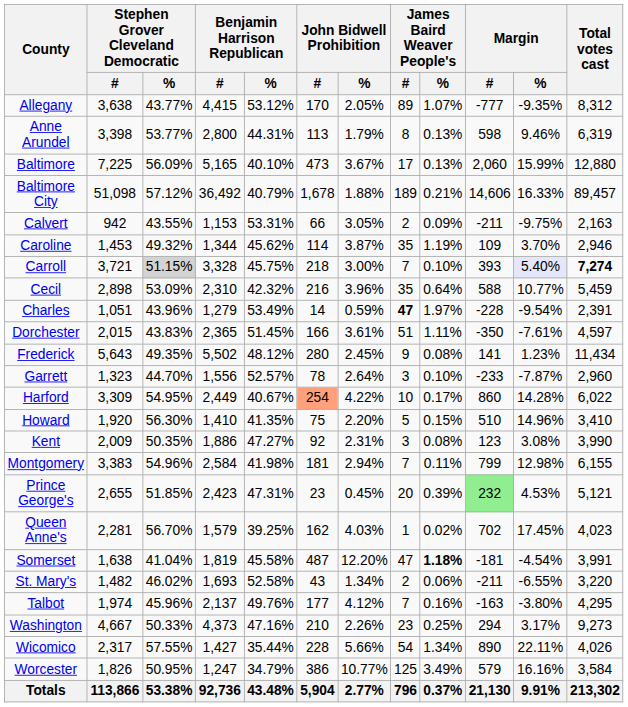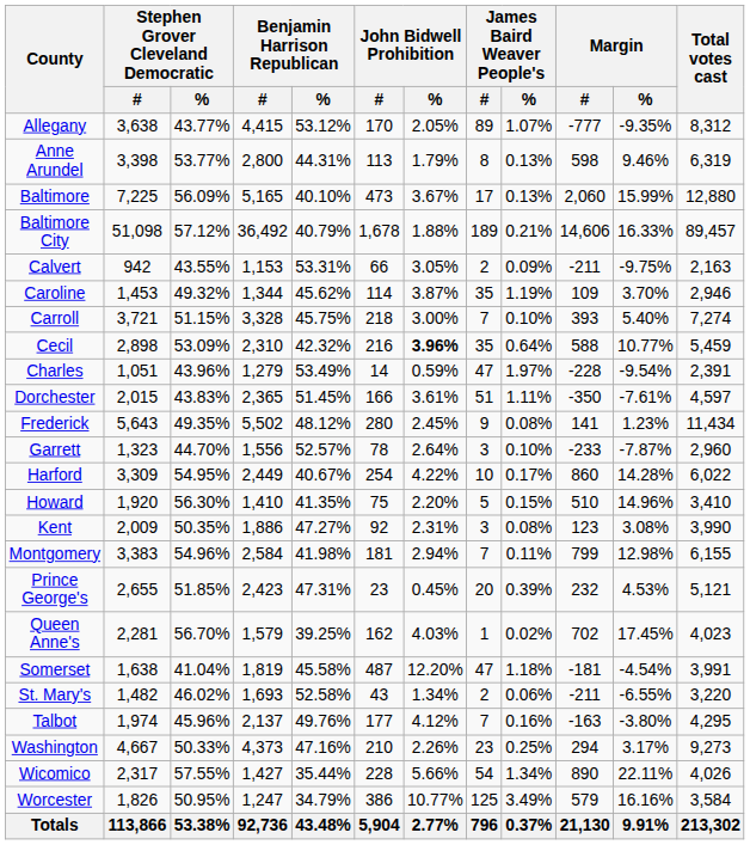 <table width="65%" class="wikitable sortable" style="text-align:center">
 <tr>
 <th style="text-align:center;" rowspan="2">County</th>
 <th colspan="2">Stephen Grover Cleveland<br>Democratic</th>
 <th colspan="2">Benjamin Harrison<br>Republican</th>
 <th style="text-align:center;" colspan="2">John Bidwell<br>Prohibition</th>
 <th style="text-align:center;" colspan="2">James Baird Weaver<br>People's</th>
 <th style="text-align:center;" colspan="2">Margin</th>
 <th style="text-align:center;" rowspan="2">Total votes cast</th>
 </tr>
 <tr>
 <th style="text-align:center;" data-sort-type="number">#</th>
 <th style="text-align:center;" data-sort-type="number">%</th>
 <th style="text-align:center;" data-sort-type="number">#</th>
 <th style="text-align:center;" data-sort-type="number">%</th>
 <th style="text-align:center;" data-sort-type="number">#</th>
 <th style="text-align:center;" data-sort-type="number">%</th>
 <th style="text-align:center;" data-sort-type="number">#</th>
 <th style="text-align:center;" data-sort-type="number">%</th>
 <th style="text-align:center;" data-sort-type="number">#</th>
 <th style="text-align:center;" data-sort-type="number">%</th>
 </tr>
 <tr style="text-align:center;">
 <td><a href='#'>Allegany</a></td>
 <td>3,638</td>
 <td>43.77%</td>
 <td>4,415</td>
 <td>53.12%</td>
 <td>170</td>
 <td>2.05%</td>
 <td>89</td>
 <td>1.07%</td>
 <td>-777</td>
 <td>-9.35%</td>
 <td>8,312</td>
 </tr>
 <tr style="text-align:center;">
 <td><a href='#'>Anne Arundel</a></td>
 <td>3,398</td>
 <td>53.77%</td>
 <td>2,800</td>
 <td>44.31%</td>
 <td>113</td>
 <td>1.79%</td>
 <td>8</td>
 <td>0.13%</td>
 <td>598</td>
 <td>9.46%</td>
 <td>6,319</td>
 </tr>
 <tr style="text-align:center;">
 <td><a href='#'>Baltimore</a></td>
 <td>7,225</td>
 <td>56.09%</td>
 <td>5,165</td>
 <td>40.10%</td>
 <td>473</td>
 <td>3.67%</td>
 <td>17</td>
 <td>0.13%</td>
 <td>2,060</td>
 <td>15.99%</td>
 <td>12,880</td>
 </tr>
 <tr style="text-align:center;">
 <td><a href='#'>Baltimore City</a></td>
 <td>51,098</td>
 <td>57.12%</td>
 <td>36,492</td>
 <td>40.79%</td>
 <td>1,678</td>
 <td>1.88%</td>
 <td>189</td>
 <td>0.21%</td>
 <td>14,606</td>
 <td>16.33%</td>
 <td>89,457</td>
 </tr>
 <tr style="text-align:center;">
 <td><a href='#'>Calvert</a></td>
 <td>942</td>
 <td>43.55%</td>
 <td>1,153</td>
 <td>53.31%</td>
 <td>66</td>
 <td>3.05%</td>
 <td>2</td>
 <td>0.09%</td>
 <td>-211</td>
 <td>-9.75%</td>
 <td>2,163</td>
 </tr>
 <tr style="text-align:center;">
 <td><a href='#'>Caroline</a></td>
 <td>1,453</td>
 <td>49.32%</td>
 <td>1,344</td>
 <td>45.62%</td>
 <td>114</td>
 <td>3.87%</td>
 <td>35</td>
 <td>1.19%</td>
 <td>109</td>
 <td>3.70%</td>
 <td>2,946</td>
 </tr>
 <tr style="text-align:center;">
 <td><a href='#'>Carroll</a></td>
 <td>3,721</td>
-<td style="background: lightgrey;">51.15%</td>
+<td>51.15%</td>
 <td>3,328</td>
 <td>45.75%</td>
 <td>218</td>
 <td>3.00%</td>
 <td>7</td>
 <td>0.10%</td>
 <td>393</td>
-<td style="background: lavender;">5.40%</td>
-<td><strong>7,274</strong></td>
+<td>5.40%</td>
+<td>7,274</td>
 </tr>
 <tr style="text-align:center;">
 <td><a href='#'>Cecil</a></td>
 <td>2,898</td>
 <td>53.09%</td>
 <td>2,310</td>
 <td>42.32%</td>
 <td>216</td>
-<td>3.96%</td>
+<td><strong>3.96%</strong></td>
 <td>35</td>
 <td>0.64%</td>
 <td>588</td>
 <td>10.77%</td>
 <td>5,459</td>
 </tr>
 <tr style="text-align:center;">
 <td><a href='#'>Charles</a></td>
 <td>1,051</td>
 <td>43.96%</td>
 <td>1,279</td>
 <td>53.49%</td>
 <td>14</td>
 <td>0.59%</td>
-<td><strong>47</strong></td>
+<td>47</td>
 <td>1.97%</td>
 <td>-228</td>
 <td>-9.54%</td>
 <td>2,391</td>
 </tr>
 <tr style="text-align:center;">
 <td><a href='#'>Dorchester</a></td>
 <td>2,015</td>
 <td>43.83%</td>
 <td>2,365</td>
 <td>51.45%</td>
 <td>166</td>
 <td>3.61%</td>
 <td>51</td>
 <td>1.11%</td>
 <td>-350</td>
 <td>-7.61%</td>
 <td>4,597</td>
 </tr>
 <tr style="text-align:center;">
 <td><a href='#'>Frederick</a></td>
 <td>5,643</td>
 <td>49.35%</td>
 <td>5,502</td>
 <td>48.12%</td>
 <td>280</td>
 <td>2.45%</td>
 <td>9</td>
 <td>0.08%</td>
 <td>141</td>
 <td>1.23%</td>
 <td>11,434</td>
 </tr>
 <tr style="text-align:center;">
 <td><a href='#'>Garrett</a></td>
 <td>1,323</td>
 <td>44.70%</td>
 <td>1,556</td>
 <td>52.57%</td>
 <td>78</td>
 <td>2.64%</td>
 <td>3</td>
 <td>0.10%</td>
 <td>-233</td>
 <td>-7.87%</td>
 <td>2,960</td>
 </tr>
 <tr style="text-align:center;">
 <td><a href='#'>Harford</a></td>
 <td>3,309</td>
 <td>54.95%</td>
 <td>2,449</td>
 <td>40.67%</td>
-<td style="background: lightsalmon;">254</td>
+<td>254</td>
 <td>4.22%</td>
 <td>10</td>
 <td>0.17%</td>
 <td>860</td>
 <td>14.28%</td>
 <td>6,022</td>
 </tr>
 <tr style="text-align:center;">
 <td><a href='#'>Howard</a></td>
 <td>1,920</td>
 <td>56.30%</td>
 <td>1,410</td>
 <td>41.35%</td>
 <td>75</td>
 <td>2.20%</td>
 <td>5</td>
 <td>0.15%</td>
 <td>510</td>
 <td>14.96%</td>
 <td>3,410</td>
 </tr>
 <tr style="text-align:center;">
 <td><a href='#'>Kent</a></td>
 <td>2,009</td>
 <td>50.35%</td>
 <td>1,886</td>
 <td>47.27%</td>
 <td>92</td>
 <td>2.31%</td>
 <td>3</td>
 <td>0.08%</td>
 <td>123</td>
 <td>3.08%</td>
 <td>3,990</td>
 </tr>
 <tr style="text-align:center;">
 <td><a href='#'>Montgomery</a></td>
 <td>3,383</td>
 <td>54.96%</td>
 <td>2,584</td>
 <td>41.98%</td>
 <td>181</td>
 <td>2.94%</td>
 <td>7</td>
 <td>0.11%</td>
 <td>799</td>
 <td>12.98%</td>
 <td>6,155</td>
 </tr>
 <tr style="text-align:center;">
 <td><a href='#'>Prince George's</a></td>
 <td>2,655</td>
 <td>51.85%</td>
 <td>2,423</td>
 <td>47.31%</td>
 <td>23</td>
 <td>0.45%</td>
 <td>20</td>
 <td>0.39%</td>
-<td style="background: lightgreen;">232</td>
+<td>232</td>
 <td>4.53%</td>
 <td>5,121</td>
 </tr>
 <tr style="text-align:center;">
 <td><a href='#'>Queen Anne's</a></td>
 <td>2,281</td>
 <td>56.70%</td>
 <td>1,579</td>
 <td>39.25%</td>
 <td>162</td>
 <td>4.03%</td>
 <td>1</td>
 <td>0.02%</td>
 <td>702</td>
 <td>17.45%</td>
 <td>4,023</td>
 </tr>
 <tr style="text-align:center;">
 <td><a href='#'>Somerset</a></td>
 <td>1,638</td>
 <td>41.04%</td>
 <td>1,819</td>
 <td>45.58%</td>
 <td>487</td>
 <td>12.20%</td>
 <td>47</td>
-<td><strong>1.18%</strong></td>
+<td>1.18%</td>
 <td>-181</td>
 <td>-4.54%</td>
 <td>3,991</td>
 </tr>
 <tr style="text-align:center;">
 <td><a href='#'>St. Mary's</a></td>
 <td>1,482</td>
 <td>46.02%</td>
 <td>1,693</td>
 <td>52.58%</td>
 <td>43</td>
 <td>1.34%</td>
 <td>2</td>
 <td>0.06%</td>
 <td>-211</td>
 <td>-6.55%</td>
 <td>3,220</td>
 </tr>
 <tr style="text-align:center;">
 <td><a href='#'>Talbot</a></td>
 <td>1,974</td>
 <td>45.96%</td>
 <td>2,137</td>
 <td>49.76%</td>
 <td>177</td>
 <td>4.12%</td>
 <td>7</td>
 <td>0.16%</td>
 <td>-163</td>
 <td>-3.80%</td>
 <td>4,295</td>
 </tr>
 <tr style="text-align:center;">
 <td><a href='#'>Washington</a></td>
 <td>4,667</td>
 <td>50.33%</td>
 <td>4,373</td>
 <td>47.16%</td>
 <td>210</td>
 <td>2.26%</td>
 <td>23</td>
 <td>0.25%</td>
 <td>294</td>
 <td>3.17%</td>
 <td>9,273</td>
 </tr>
 <tr style="text-align:center;">
 <td><a href='#'>Wicomico</a></td>
 <td>2,317</td>
 <td>57.55%</td>
 <td>1,427</td>
 <td>35.44%</td>
 <td>228</td>
 <td>5.66%</td>
 <td>54</td>
 <td>1.34%</td>
 <td>890</td>
 <td>22.11%</td>
 <td>4,026</td>
 </tr>
 <tr style="text-align:center;">
 <td><a href='#'>Worcester</a></td>
 <td>1,826</td>
 <td>50.95%</td>
 <td>1,247</td>
 <td>34.79%</td>
 <td>386</td>
 <td>10.77%</td>
 <td>125</td>
 <td>3.49%</td>
 <td>579</td>
 <td>16.16%</td>
 <td>3,584</td>
 </tr>
 <tr style="text-align:center;">
 <th>Totals</th>
 <th>113,866</th>
 <th>53.38%</th>
 <th>92,736</th>
 <th>43.48%</th>
 <th>5,904</th>
 <th>2.77%</th>
 <th>796</th>
 <th>0.37%</th>
 <th>21,130</th>
 <th>9.91%</th>
 <th>213,302</th>
 </tr>
 </table>
